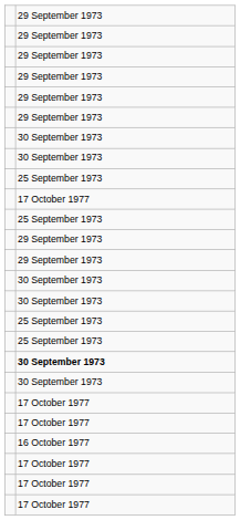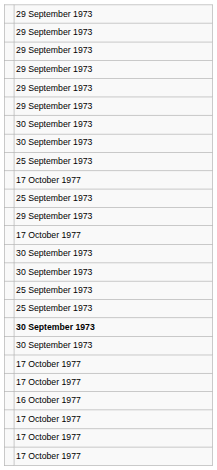 <table class="wikitable" style="font-size: 89%; float: left; width: 24em; margin-right: 1em; line-height: 1.65em">
 <tr>
 <td></td>
 <td>29 September 1973</td>
 </tr>
 <tr>
 <td></td>
 <td>29 September 1973</td>
 </tr>
 <tr>
 <td></td>
 <td>29 September 1973</td>
 </tr>
 <tr>
 <td></td>
 <td>29 September 1973</td>
 </tr>
 <tr>
 <td></td>
 <td>29 September 1973</td>
 </tr>
 <tr>
 <td></td>
 <td>29 September 1973</td>
 </tr>
 <tr>
 <td></td>
 <td>30 September 1973</td>
 </tr>
 <tr>
 <td></td>
 <td>30 September 1973</td>
 </tr>
 <tr>
 <td></td>
 <td>25 September 1973</td>
 </tr>
 <tr>
 <td></td>
 <td>17 October 1977</td>
 </tr>
 <tr>
 <td></td>
 <td>25 September 1973</td>
 </tr>
 <tr>
 <td></td>
 <td>29 September 1973</td>
 </tr>
 <tr>
 <td></td>
-<td>29 September 1973</td>
+<td>17 October 1977</td>
 </tr>
 <tr>
 <td></td>
 <td>30 September 1973</td>
 </tr>
 <tr>
 <td></td>
 <td>30 September 1973</td>
 </tr>
 <tr>
 <td></td>
 <td>25 September 1973</td>
 </tr>
 <tr>
 <td></td>
 <td>25 September 1973</td>
 </tr>
 <tr>
 <td></td>
 <td><strong>30 September 1973</strong></td>
 </tr>
 <tr>
 <td></td>
 <td>30 September 1973</td>
 </tr>
 <tr>
 <td></td>
 <td>17 October 1977</td>
 </tr>
 <tr>
 <td></td>
 <td>17 October 1977</td>
 </tr>
 <tr>
 <td></td>
 <td>16 October 1977</td>
 </tr>
 <tr>
 <td></td>
 <td>17 October 1977</td>
 </tr>
 <tr>
 <td></td>
 <td>17 October 1977</td>
 </tr>
 <tr>
 <td></td>
 <td>17 October 1977</td>
 </tr>
 </table>
